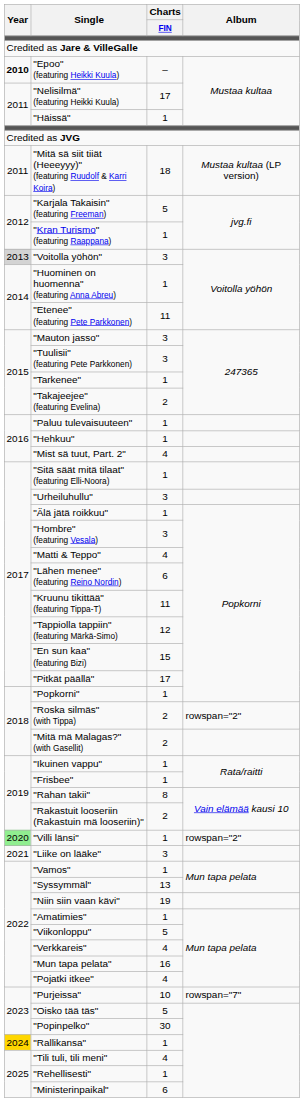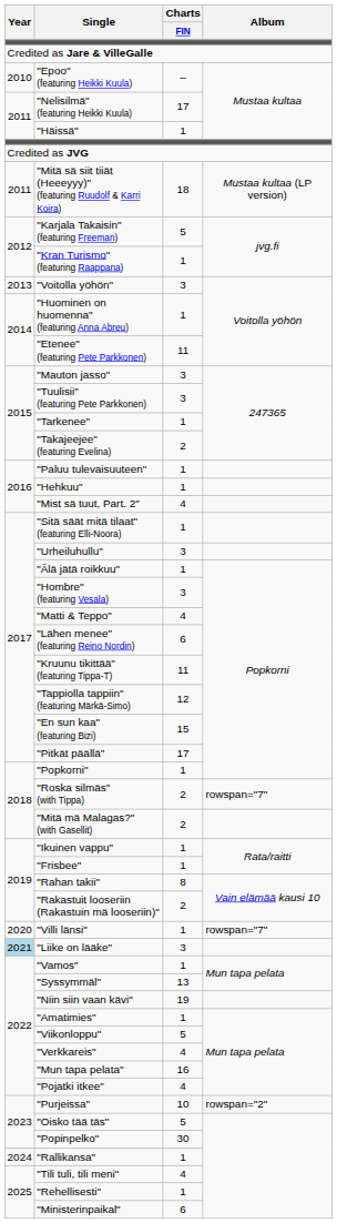 <table class="wikitable">
 <tr>
 <th align="center" rowspan="2">Year</th>
 <th align="center" rowspan="2" width="180">Single</th>
 <th align="center" colspan="1">Charts</th>
 <th align="center" rowspan="2" width="180">Album</th>
 </tr>
 <tr>
 <th width="20"><small><a href='#'>FIN</a></small><br></th>
 </tr>
 <tr>
 <td colspan="6" style="background:#555;"></td>
 </tr>
 <tr>
 <td colspan=5>Credited as <strong>Jare & VilleGalle</strong></td>
 </tr>
 <tr>
-<td align="center"><strong>2010</strong></td>
+<td align="center">2010</td>
 <td>"Epoo" <br><small>(featuring <a href='#'>Heikki Kuula</a>)</small></td>
 <td align="center">–</td>
 <td align="center" rowspan="3"><em>Mustaa kultaa</em></td>
 </tr>
 <tr>
 <td align="center" rowspan="2">2011</td>
 <td>"Nelisilmä" <br><small>(featuring Heikki Kuula)</small></td>
 <td align="center">17</td>
 </tr>
 <tr>
 <td>"Häissä"</td>
 <td align="center">1</td>
 </tr>
 <tr>
 <td colspan="6" style="background:#555;"></td>
 </tr>
 <tr>
 <td colspan=5>Credited as <strong>JVG</strong></td>
 </tr>
 <tr>
 <td align="center">2011</td>
 <td>"Mitä sä siit tiiät (Heeeyyy)" <br><small>(featuring <a href='#'>Ruudolf</a> & <a href='#'>Karri Koira</a>)</small></td>
 <td align="center">18</td>
 <td align="center"><em>Mustaa kultaa</em> (LP version)</td>
 </tr>
 <tr>
 <td align="center" rowspan="2">2012</td>
 <td>"Karjala Takaisin" <br><small>(featuring <a href='#'>Freeman</a>)</small></td>
 <td align="center">5</td>
 <td align="center" rowspan="2"><em>jvg.fi</em></td>
 </tr>
 <tr>
 <td>"<a href='#'>Kran Turismo</a>" <br><small>(featuring <a href='#'>Raappana</a>)</small></td>
 <td align="center">1</td>
 </tr>
 <tr>
-<td align="center" style="background: lightgrey;">2013</td>
+<td align="center">2013</td>
 <td>"Voitolla yöhön"</td>
 <td align="center">3</td>
 <td align="center" rowspan="3"><em>Voitolla yöhön</em></td>
 </tr>
 <tr>
 <td align="center" rowspan="2">2014</td>
 <td>"Huominen on huomenna" <br><small>(featuring <a href='#'>Anna Abreu</a>)</small></td>
 <td align="center">1</td>
 </tr>
 <tr>
 <td>"Etenee" <br><small>(featuring <a href='#'>Pete Parkkonen</a>)</small></td>
 <td align="center">11</td>
 </tr>
 <tr>
 <td align="center" rowspan="4">2015</td>
 <td>"Mauton jasso"</td>
 <td align="center">3</td>
 <td align="center" rowspan="4"><em>247365</em></td>
 </tr>
 <tr>
 <td>"Tuulisii" <br><small>(featuring Pete Parkkonen)</small></td>
 <td align="center">3</td>
 </tr>
 <tr>
 <td>"Tarkenee"</td>
 <td align="center">1</td>
 </tr>
 <tr>
 <td>"Takajeejee" <br><small>(featuring Evelina)</small></td>
 <td align="center">2</td>
 </tr>
 <tr>
 <td align="center" rowspan="3">2016</td>
 <td>"Paluu tulevaisuuteen"</td>
 <td align="center">1</td>
 <td align="center"></td>
 </tr>
 <tr>
 <td>"Hehkuu"</td>
 <td align="center">1</td>
 <td align="center"></td>
 </tr>
 <tr>
 <td>"Mist sä tuut, Part. 2"</td>
 <td align="center">4</td>
 <td align="center"></td>
 </tr>
 <tr>
 <td align="center" rowspan="10">2017</td>
 <td>"Sitä säät mitä tilaat" <br><small>(featuring Elli-Noora)</small></td>
 <td align="center">1</td>
 <td align="center"></td>
 </tr>
 <tr>
 <td>"Urheiluhullu"</td>
 <td align="center">3</td>
 <td align="center"></td>
 </tr>
 <tr>
 <td>"Älä jätä roikkuu"</td>
 <td align="center">1</td>
 <td align="center" rowspan="9"><em>Popkorni</em></td>
 </tr>
 <tr>
 <td>"Hombre"<br><small>(featuring <a href='#'>Vesala</a>)</small></td>
 <td align="center">3<br></td>
 </tr>
 <tr>
 <td>"Matti & Teppo"</td>
 <td align="center">4</td>
 </tr>
 <tr>
 <td>"Lähen menee"<br><small>(featuring <a href='#'>Reino Nordin</a>)</small></td>
 <td align="center">6<br></td>
 </tr>
 <tr>
 <td>"Kruunu tikittää"<br><small>(featuring Tippa-T)</small></td>
 <td align="center">11<br></td>
 </tr>
 <tr>
 <td>"Tappiolla tappiin"<br><small>(featuring Märkä-Simo)</small></td>
 <td align="center">12<br></td>
 </tr>
 <tr>
 <td>"En sun kaa"<br><small>(featuring Bizi)</small></td>
 <td align="center">15<br></td>
 </tr>
 <tr>
 <td>"Pitkät päällä"</td>
 <td align="center">17</td>
 </tr>
 <tr>
 <td align="center" rowspan="3">2018</td>
 <td>"Popkorni"</td>
 <td align="center">1</td>
 </tr>
 <tr>
 <td>"Roska silmäs"<br><small>(with Tippa)</small></td>
 <td align="center">2<br></td>
-<td>rowspan="2" </td>
+<td>rowspan="7" </td>
 </tr>
 <tr>
 <td>"Mitä mä Malagas?"<br><small>(with Gasellit)</small></td>
 <td align="center">2<br></td>
 </tr>
 <tr>
 <td align="center" rowspan="4">2019</td>
 <td>"Ikuinen vappu"</td>
 <td align="center">1</td>
 <td align="center" rowspan="2"><em>Rata/raitti</em></td>
 </tr>
 <tr>
 <td>"Frisbee"</td>
 <td align="center">1</td>
 </tr>
 <tr>
 <td>"Rahan takii"</td>
 <td align="center">8<br></td>
 <td align="center" rowspan="2"><em><a href='#'>Vain elämää</a> kausi 10</em></td>
 </tr>
 <tr>
 <td>"Rakastuit looseriin (Rakastuin mä looseriin)"</td>
 <td align="center">2<br></td>
 </tr>
 <tr>
-<td align="center" style="background: lightgreen;">2020</td>
+<td align="center">2020</td>
 <td>"Villi länsi"</td>
 <td align="center">1<br></td>
-<td>rowspan="2" </td>
+<td>rowspan="7" </td>
 </tr>
 <tr>
-<td align="center">2021</td>
+<td align="center" style="background: lightblue;">2021</td>
 <td>"Liike on lääke"</td>
 <td align="center">3<br></td>
 </tr>
 <tr>
 <td align="center" rowspan="8">2022</td>
 <td>"Vamos"</td>
 <td align="center">1<br></td>
 <td rowspan="2"><em>Mun tapa pelata</em></td>
 </tr>
 <tr>
 <td>"Syssymmäl"</td>
 <td align="center">13<br></td>
 </tr>
 <tr>
 <td>"Niin siin vaan kävi"<br></td>
 <td align="center">19<br></td>
 <td></td>
 </tr>
 <tr>
 <td>"Amatimies"</td>
 <td align="center">1<br></td>
 <td rowspan="5"><em>Mun tapa pelata</em></td>
 </tr>
 <tr>
 <td>"Viikonloppu"</td>
 <td align="center">5<br></td>
 </tr>
 <tr>
 <td>"Verkkareis"<br></td>
 <td align="center">4<br></td>
 </tr>
 <tr>
 <td>"Mun tapa pelata"<br></td>
 <td align="center">16<br></td>
 </tr>
 <tr>
 <td>"Pojatki itkee"<br></td>
 <td align="center">4<br></td>
 </tr>
 <tr>
 <td align="center" rowspan="3">2023</td>
 <td>"Purjeissa"<br></td>
 <td align="center">10<br></td>
-<td>rowspan="7" </td>
+<td>rowspan="2" </td>
 </tr>
 <tr>
 <td>"Oisko tää täs"</td>
 <td align="center">5<br></td>
 </tr>
 <tr>
 <td>"Popinpelko"</td>
 <td align="center">30<br></td>
 </tr>
 <tr>
-<td align="center" style="background: gold;">2024</td>
+<td align="center">2024</td>
 <td>"Rallikansa"</td>
 <td align="center">1<br></td>
 </tr>
 <tr>
 <td align="center" rowspan="3">2025</td>
 <td>"Tili tuli, tili meni"</td>
 <td align="center">4<br></td>
 </tr>
 <tr>
 <td>"Rehellisesti"</td>
 <td align="center">1<br></td>
 </tr>
 <tr>
 <td>"Ministerinpaikal"</td>
 <td align="center">6<br></td>
 </tr>
 </table>
